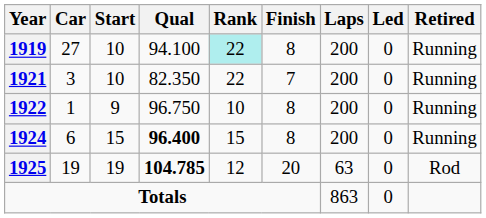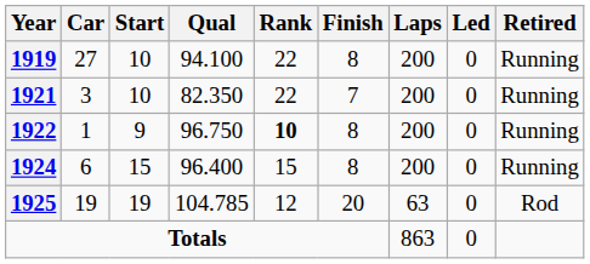 <table class="wikitable" style="text-align:center">
 <tr>
 <th>Year</th>
 <th>Car</th>
 <th>Start</th>
 <th>Qual</th>
 <th>Rank</th>
 <th>Finish</th>
 <th>Laps</th>
 <th>Led</th>
 <th>Retired</th>
 </tr>
 <tr>
 <th><a href='#'>1919</a></th>
 <td>27</td>
 <td>10</td>
 <td>94.100</td>
-<td style="background: paleturquoise;">22</td>
+<td>22</td>
 <td>8</td>
 <td>200</td>
 <td>0</td>
 <td>Running</td>
 </tr>
 <tr>
 <th><a href='#'>1921</a></th>
 <td>3</td>
 <td>10</td>
 <td>82.350</td>
 <td>22</td>
 <td>7</td>
 <td>200</td>
 <td>0</td>
 <td>Running</td>
 </tr>
 <tr>
 <th><a href='#'>1922</a></th>
 <td>1</td>
 <td>9</td>
 <td>96.750</td>
-<td>10</td>
+<td><strong>10</strong></td>
 <td>8</td>
 <td>200</td>
 <td>0</td>
 <td>Running</td>
 </tr>
 <tr>
 <th><a href='#'>1924</a></th>
 <td>6</td>
 <td>15</td>
-<td><strong>96.400</strong></td>
+<td>96.400</td>
 <td>15</td>
 <td>8</td>
 <td>200</td>
 <td>0</td>
 <td>Running</td>
 </tr>
 <tr>
 <th><a href='#'>1925</a></th>
 <td>19</td>
 <td>19</td>
-<td><strong>104.785</strong></td>
+<td>104.785</td>
 <td>12</td>
 <td>20</td>
 <td>63</td>
 <td>0</td>
 <td>Rod</td>
 </tr>
 <tr>
 <td colspan=6><strong>Totals</strong></td>
 <td>863</td>
 <td>0</td>
 <td></td>
 </tr>
 </table>
